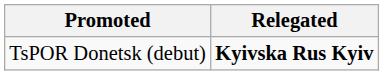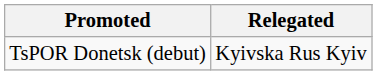 <table class="wikitable">
 <tr>
 <th>Promoted</th>
 <th>Relegated</th>
 </tr>
 <tr>
 <td>TsPOR Donetsk (debut)</td>
-<td><strong>Kyivska Rus Kyiv </strong></td>
+<td>Kyivska Rus Kyiv </td>
 </tr>
 </table>
